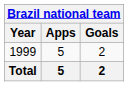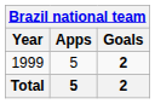 <table class="wikitable" style="text-align:center">
 <tr>
 <th colspan=3><a href='#'>Brazil national team</a></th>
 </tr>
 <tr>
 <th>Year</th>
 <th>Apps</th>
 <th>Goals</th>
 </tr>
 <tr>
 <td>1999</td>
 <td>5</td>
-<td>2</td>
+<td><strong>2</strong></td>
 </tr>
 <tr>
 <th>Total</th>
 <th>5</th>
 <th>2</th>
 </tr>
 </table>
